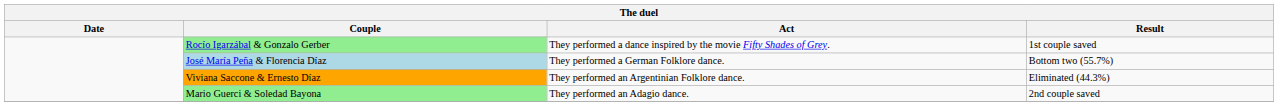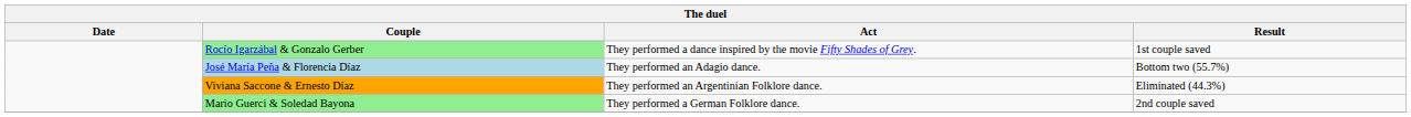 <table class="wikitable collapsible collapsed" style="text-align: align; width: 100%;">
 <tr>
 <th colspan="11" style="with: 100%;" align="center">The duel</th>
 </tr>
 <tr>
 <th width=85>Date</th>
 <th width=180>Couple</th>
 <th width=240>Act</th>
 <th width=120>Result</th>
 </tr>
 <tr>
 <td rowspan="4"></td>
 <td bgcolor="lightgreen"><a href='#'>Rocío Igarzábal</a> & Gonzalo Gerber</td>
 <td>They performed a dance inspired by the movie <em><a href='#'>Fifty Shades of Grey</a></em>.<br></td>
 <td>1st couple saved</td>
 </tr>
 <tr>
 <td bgcolor="lightblue"><a href='#'>José María Peña</a> & Florencia Díaz</td>
-<td>They performed a German Folklore dance.<br></td>
+<td>They performed an Adagio dance.<br></td>
 <td>Bottom two (55.7%)</td>
 </tr>
 <tr>
 <td bgcolor="orange">Viviana Saccone & Ernesto Díaz</td>
 <td>They performed an Argentinian Folklore dance.<br></td>
 <td>Eliminated (44.3%)</td>
 </tr>
 <tr>
 <td bgcolor="lightgreen">Mario Guerci & Soledad Bayona</td>
-<td>They performed an Adagio dance.<br></td>
+<td>They performed a German Folklore dance.<br></td>
 <td>2nd couple saved</td>
 </tr>
 <tr>
 </tr>
 </table>
